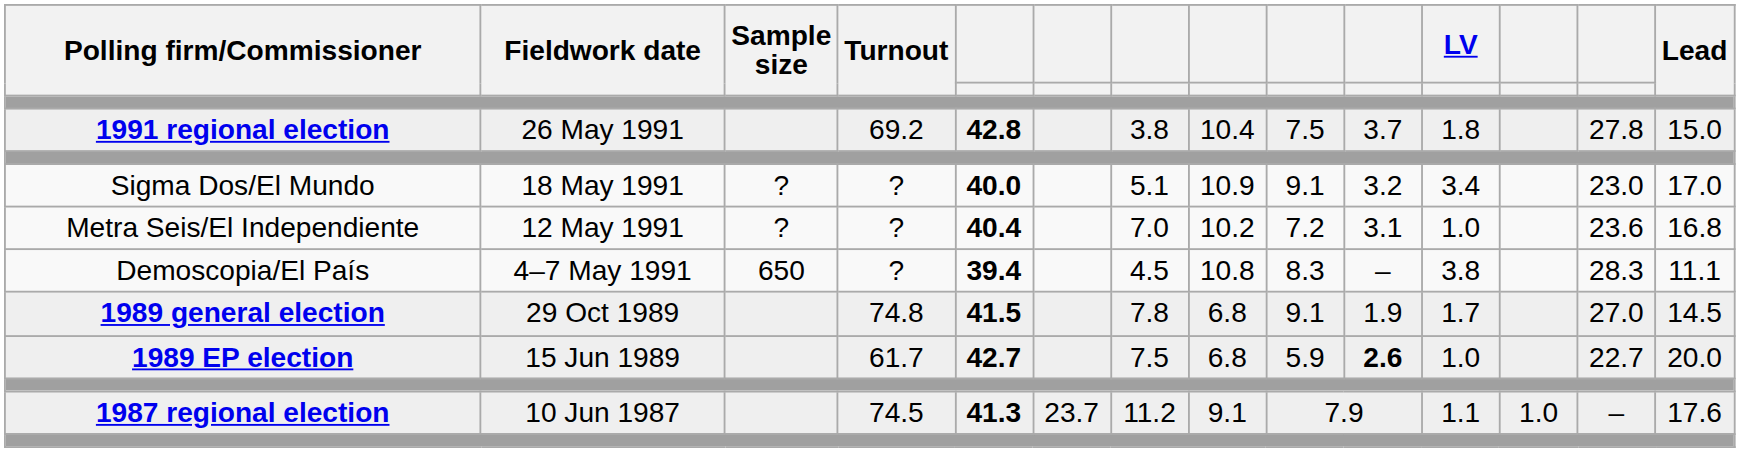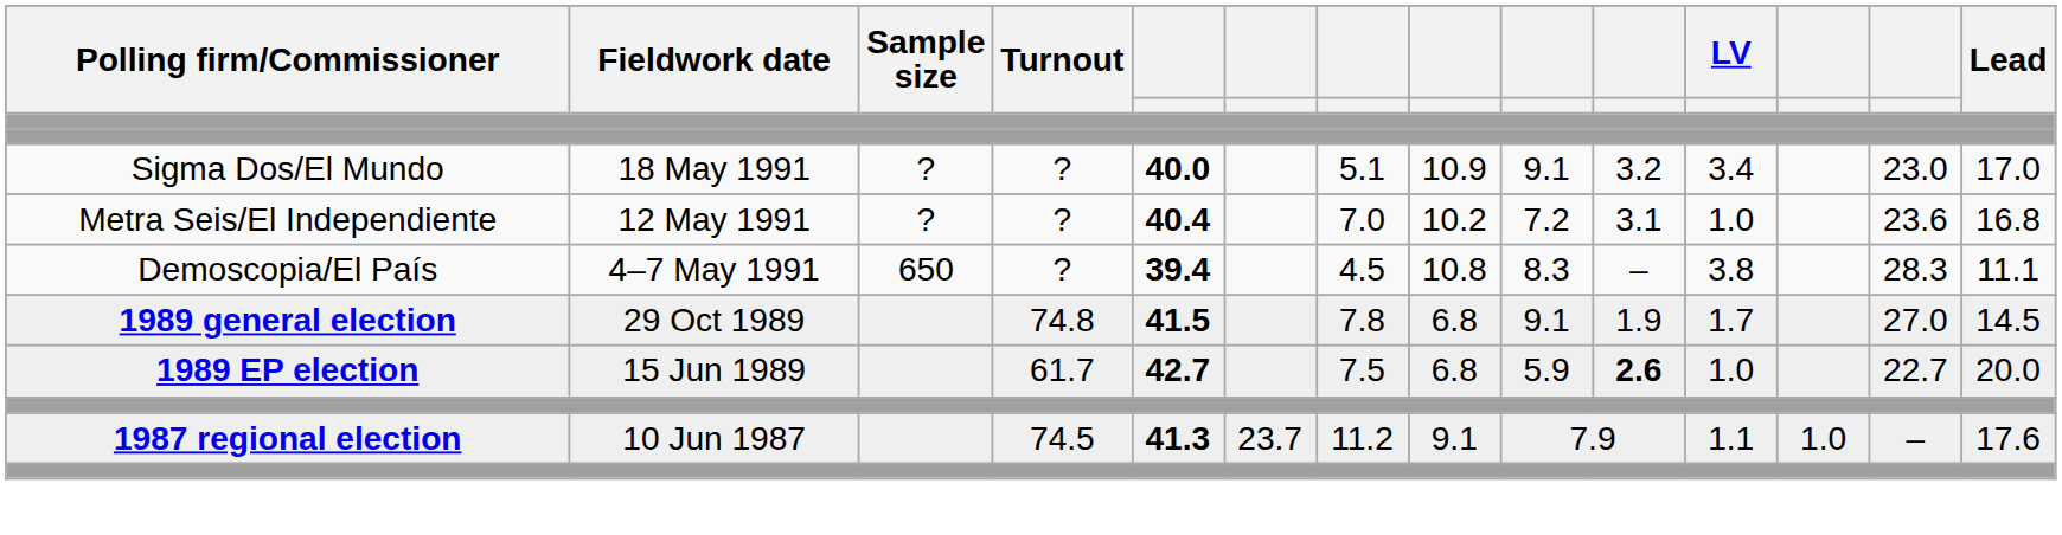 <table class="wikitable collapsible collapsed" style="text-align:center; font-size:95%; line-height:16px;">
 <tr style="height:42px;">
 <th style="width:250px;" rowspan="2">Polling firm/Commissioner</th>
 <th style="width:125px;" rowspan="2">Fieldwork date</th>
 <th style="width:50px;" rowspan="2">Sample size</th>
 <th style="width:45px;" rowspan="2">Turnout</th>
 <th style="width:35px;"></th>
 <th style="width:35px;"></th>
 <th style="width:35px;"></th>
 <th style="width:35px;"></th>
 <th style="width:35px;"></th>
 <th style="width:35px;"></th>
 <th style="width:35px;"><a href='#'>LV</a></th>
 <th style="width:35px;"></th>
 <th style="width:35px;"></th>
 <th style="width:30px;" rowspan="2">Lead</th>
 </tr>
 <tr>
 <th style="color:inherit;background:"></th>
 <th style="color:inherit;background:"></th>
 <th style="color:inherit;background:"></th>
 <th style="color:inherit;background:"></th>
 <th style="color:inherit;background:"></th>
 <th style="color:inherit;background:"></th>
 <th style="color:inherit;background:"></th>
 <th style="color:inherit;background:"></th>
 <th style="color:inherit;background:"></th>
 </tr>
 <tr>
 <td colspan="14" style="background:#A0A0A0"></td>
-</tr>
-<tr style="background:#EFEFEF;">
-<td><strong><a href='#'>1991 regional election</a></strong></td>
-<td>26 May 1991</td>
-<td></td>
-<td>69.2</td>
-<td><strong>42.8</strong><br></td>
-<td></td>
-<td>3.8<br></td>
-<td>10.4<br></td>
-<td>7.5<br></td>
-<td>3.7<br></td>
-<td>1.8<br></td>
-<td></td>
-<td>27.8<br></td>
-<td style="background:">15.0</td>
 </tr>
 <tr>
 <td colspan="14" style="background:#A0A0A0"></td>
 </tr>
 <tr>
 <td>Sigma Dos/El Mundo</td>
 <td>18 May 1991</td>
 <td>?</td>
 <td>?</td>
 <td><strong>40.0</strong><br></td>
 <td></td>
 <td>5.1<br></td>
 <td>10.9<br></td>
 <td>9.1<br></td>
 <td>3.2<br></td>
 <td>3.4<br></td>
 <td></td>
 <td>23.0<br></td>
 <td style="background:">17.0</td>
 </tr>
 <tr>
 <td>Metra Seis/El Independiente</td>
 <td>12 May 1991</td>
 <td>?</td>
 <td>?</td>
 <td><strong>40.4</strong><br></td>
 <td></td>
 <td>7.0<br></td>
 <td>10.2<br></td>
 <td>7.2<br></td>
 <td>3.1<br></td>
 <td>1.0<br></td>
 <td></td>
 <td>23.6<br></td>
 <td style="background:">16.8</td>
 </tr>
 <tr>
 <td>Demoscopia/El País</td>
 <td>4–7 May 1991</td>
 <td>650</td>
 <td>?</td>
 <td><strong>39.4</strong><br></td>
 <td></td>
 <td>4.5<br></td>
 <td>10.8<br></td>
 <td>8.3<br></td>
 <td>–</td>
 <td>3.8<br></td>
 <td></td>
 <td>28.3<br></td>
 <td style="background:">11.1</td>
 </tr>
 <tr style="background:#EFEFEF;">
 <td><strong><a href='#'>1989 general election</a></strong></td>
 <td>29 Oct 1989</td>
 <td></td>
 <td>74.8</td>
 <td><strong>41.5</strong><br></td>
 <td></td>
 <td>7.8<br></td>
 <td>6.8<br></td>
 <td>9.1<br></td>
 <td>1.9<br></td>
 <td>1.7<br></td>
 <td></td>
 <td>27.0<br></td>
 <td style="background:">14.5</td>
 </tr>
 <tr style="background:#EFEFEF;">
 <td><strong><a href='#'>1989 EP election</a></strong></td>
 <td>15 Jun 1989</td>
 <td></td>
 <td>61.7</td>
 <td><strong>42.7</strong><br></td>
 <td></td>
 <td>7.5<br></td>
 <td>6.8<br></td>
 <td>5.9<br></td>
 <td><strong>2.6<br></strong></td>
 <td>1.0<br></td>
 <td></td>
 <td>22.7<br></td>
 <td style="background:">20.0</td>
 </tr>
 <tr>
 <td colspan="14" style="background:#A0A0A0"></td>
 </tr>
 <tr style="background:#EFEFEF;">
 <td><strong><a href='#'>1987 regional election</a></strong></td>
 <td>10 Jun 1987</td>
 <td></td>
 <td>74.5</td>
 <td><strong>41.3</strong><br></td>
 <td>23.7<br></td>
 <td>11.2<br></td>
 <td>9.1<br></td>
 <td colspan="2">7.9<br></td>
 <td>1.1<br></td>
 <td>1.0<br></td>
 <td>–</td>
 <td style="background:">17.6</td>
 </tr>
 <tr>
 <td colspan="14" style="background:#A0A0A0"></td>
 </tr>
 </table>
